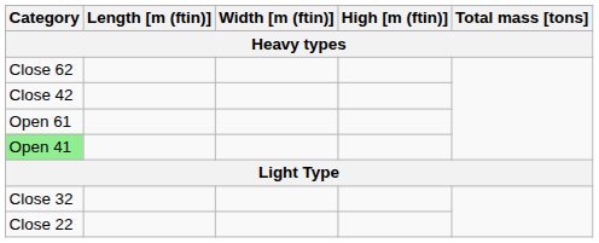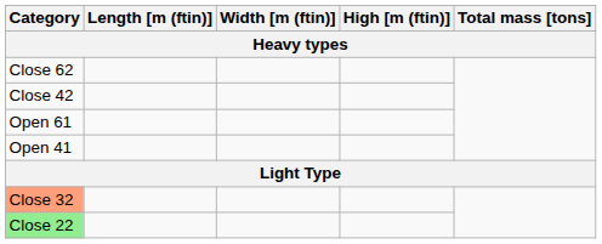 <table class="wikitable">
 <tr>
 <th>Category</th>
 <th>Length [m (ftin)]</th>
 <th>Width [m (ftin)]</th>
 <th>High [m (ftin)]</th>
 <th>Total mass [tons]</th>
 </tr>
 <tr>
 <th colspan="5" style="text-align: center;">Heavy types</th>
 </tr>
 <tr>
 <td>Close 62</td>
 <td></td>
 <td></td>
 <td></td>
 <td rowspan="4" style="text-align: center;"></td>
 </tr>
 <tr>
 <td>Close 42</td>
 <td></td>
 <td></td>
 <td></td>
 </tr>
 <tr>
 <td>Open 61</td>
 <td></td>
 <td></td>
 <td></td>
 </tr>
 <tr>
-<td style="background: lightgreen;">Open 41</td>
+<td>Open 41</td>
 <td></td>
 <td></td>
 <td></td>
 </tr>
 <tr>
 <th colspan="5" style="text-align: center;">Light Type</th>
 </tr>
 <tr>
-<td>Close 32</td>
+<td style="background: lightsalmon;">Close 32</td>
 <td></td>
 <td></td>
 <td></td>
 <td rowspan="2" style="text-align: center;"></td>
 </tr>
 <tr>
-<td>Close 22</td>
+<td style="background: lightgreen;">Close 22</td>
 <td></td>
 <td></td>
 <td></td>
 </tr>
 </table>
